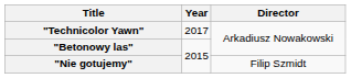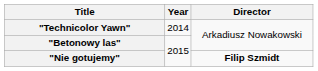 <table class="wikitable plainrowheaders" style="text-align:center;" border="1">
 <tr>
 <th scope="col" style="width:16em;">Title</th>
 <th scope="col">Year</th>
 <th scope="col" style="width:12em;">Director</th>
 </tr>
 <tr>
 <th scope="row">"Technicolor Yawn"</th>
-<td>2017</td>
+<td>2014</td>
 <td rowspan="2">Arkadiusz Nowakowski</td>
 </tr>
 <tr>
 <th scope="row">"Betonowy las"</th>
 <td rowspan="2">2015</td>
 </tr>
 <tr>
 <th scope="row">"Nie gotujemy"</th>
-<td>Filip Szmidt</td>
+<td><strong>Filip Szmidt</strong></td>
 </tr>
 </table>
